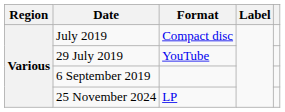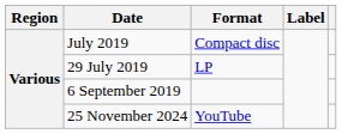 <table class="wikitable plainrowheaders">
 <tr>
 <th scope="col">Region</th>
 <th scope="col">Date</th>
 <th scope="col">Format</th>
 <th scope="col">Label</th>
 <th scope="col"></th>
 </tr>
 <tr>
 <th rowspan="4" scope="row">Various</th>
 <td>July 2019</td>
 <td><a href='#'>Compact disc</a></td>
 <td rowspan="4"></td>
 <td align=center></td>
 </tr>
 <tr>
 <td>29 July 2019</td>
-<td><a href='#'>YouTube</a></td>
+<td><a href='#'>LP</a></td>
 <td align=center></td>
 </tr>
 <tr>
 <td>6 September 2019</td>
 <td></td>
 <td align=center></td>
 </tr>
 <tr>
 <td>25 November 2024</td>
-<td><a href='#'>LP</a></td>
+<td><a href='#'>YouTube</a></td>
 <td align=center></td>
 </tr>
 </table>
